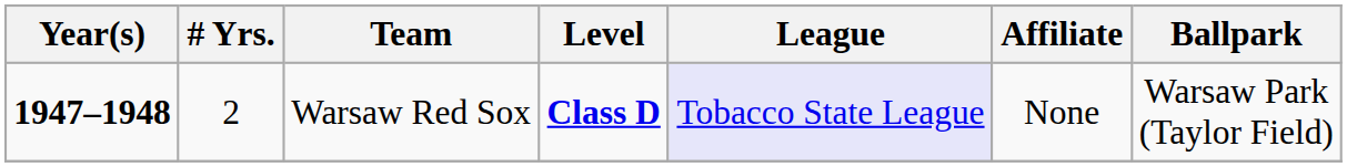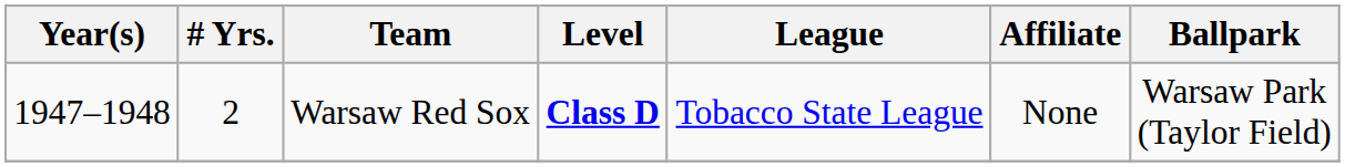 <table class="wikitable" style="text-align:center; font-size: 95%;">
 <tr>
 <th>Year(s)</th>
 <th># Yrs.</th>
 <th>Team</th>
 <th>Level</th>
 <th>League</th>
 <th>Affiliate</th>
 <th>Ballpark</th>
 </tr>
 <tr>
-<td><strong>1947–1948</strong></td>
+<td>1947–1948</td>
 <td>2</td>
 <td>Warsaw Red Sox</td>
 <td><strong><a href='#'>Class D</a></strong></td>
-<td style="background: lavender;"><a href='#'>Tobacco State League</a></td>
+<td><a href='#'>Tobacco State League</a></td>
 <td>None</td>
 <td>Warsaw Park<br>(Taylor Field)</td>
 </tr>
 <tr>
 </tr>
 </table>
